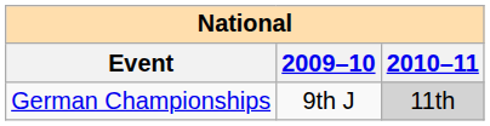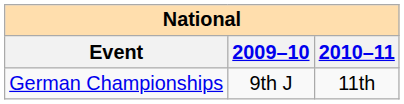 <table class="wikitable" style="text-align:center">
 <tr>
 <th style="background-color: #ffdead; " colspan=3 align=center>National</th>
 </tr>
 <tr>
 <th>Event</th>
 <th><a href='#'>2009–10</a></th>
 <th><a href='#'>2010–11</a></th>
 </tr>
 <tr>
 <td align=left><a href='#'>German Championships</a></td>
 <td>9th J</td>
-<td style="background: lightgrey;">11th</td>
+<td>11th</td>
 </tr>
 </table>
